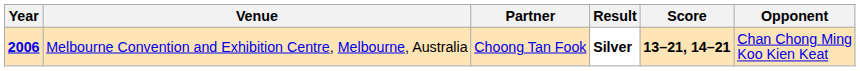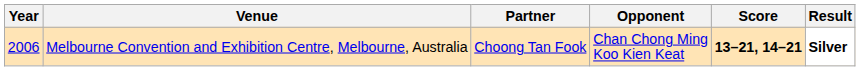 <table class="sortable wikitable" style="font-size: 90%;">
 <tr>
 <th>Year</th>
 <th>Venue</th>
 <th>Partner</th>
+<th>Opponent</th>
+<th>Score</th>
 <th>Result</th>
-<th>Score</th>
-<th>Opponent</th>
 </tr>
 <tr style="background:#FFE4B5">
-<td align="center"><strong><a href='#'>2006</a></strong></td>
+<td align="center"><a href='#'>2006</a></td>
 <td align="left"><a href='#'>Melbourne Convention and Exhibition Centre</a>, <a href='#'>Melbourne</a>, Australia</td>
 <td align="left"> <a href='#'>Choong Tan Fook</a></td>
+<td align="left"> <a href='#'>Chan Chong Ming</a><br> <a href='#'>Koo Kien Keat</a></td>
+<td align="left"><strong>13–21, 14–21</strong></td>
 <td style="text-align:left; background:white"> <strong>Silver</strong></td>
-<td align="left"><strong>13–21, 14–21</strong></td>
-<td align="left"> <a href='#'>Chan Chong Ming</a><br> <a href='#'>Koo Kien Keat</a></td>
 </tr>
 </table>
